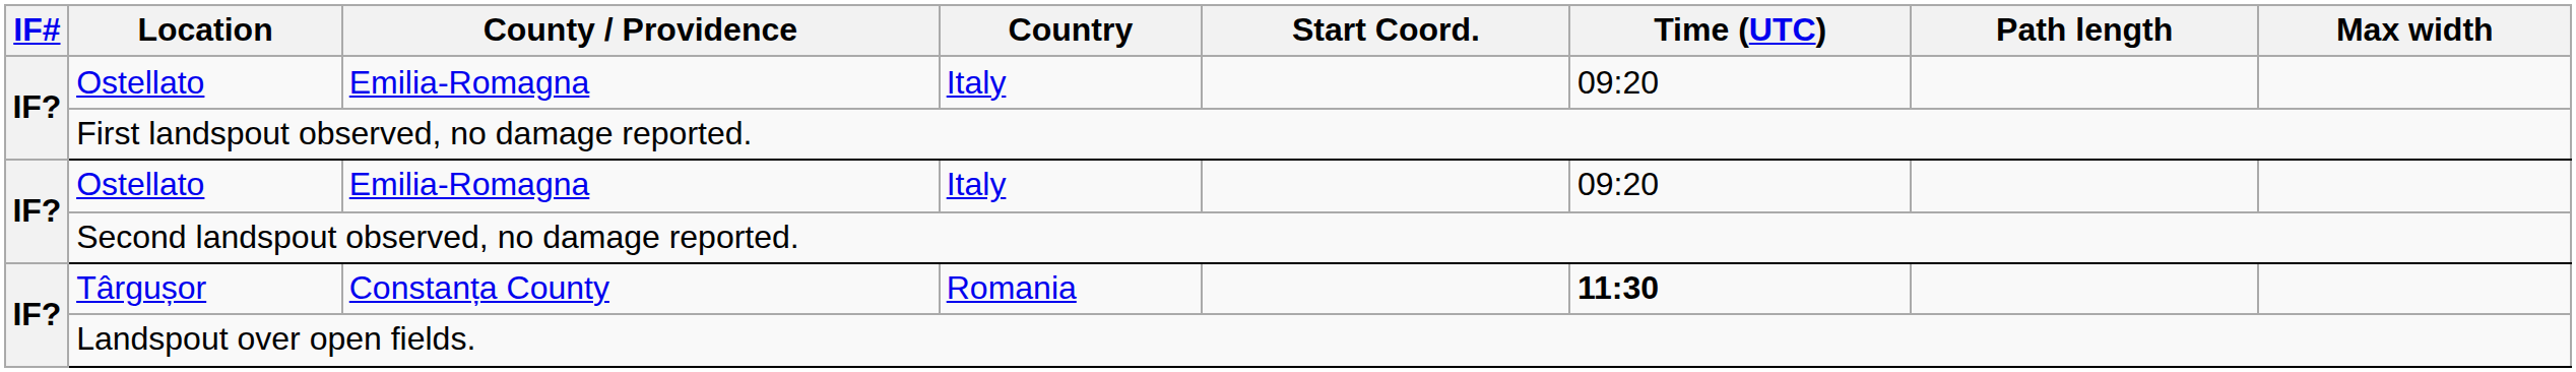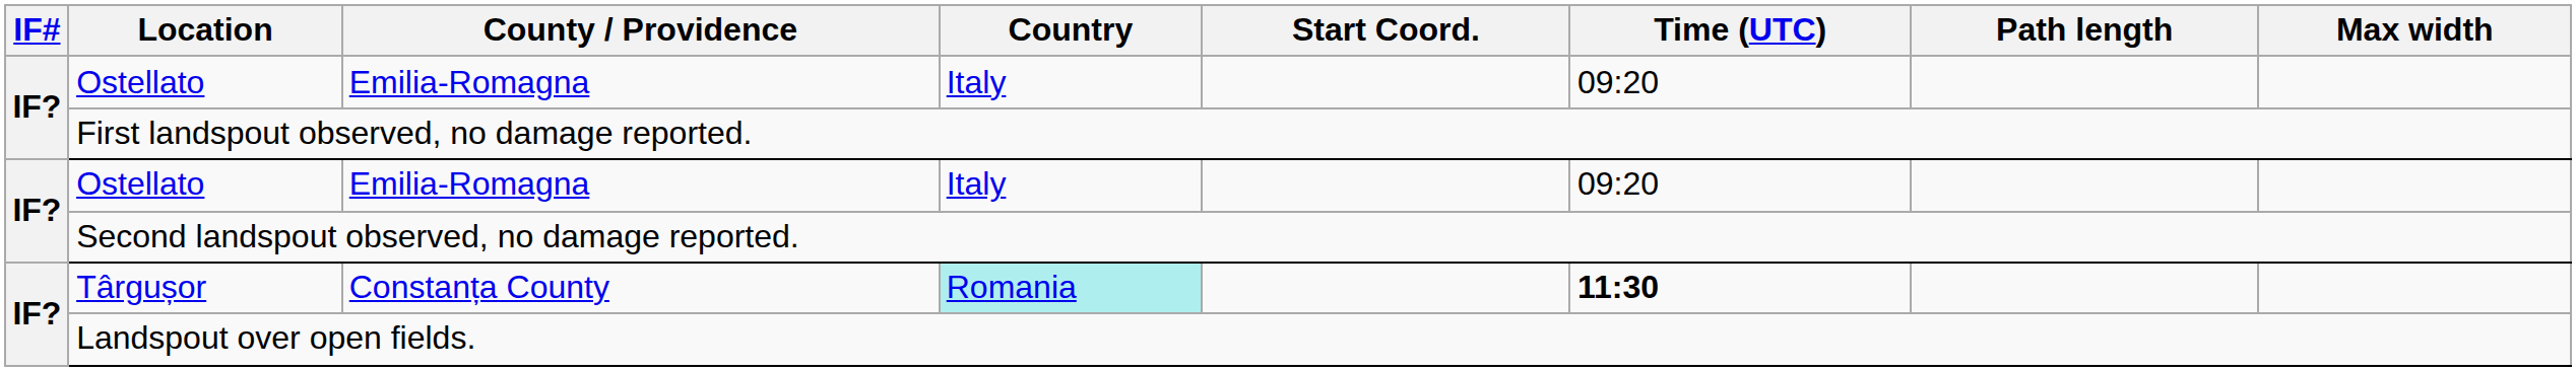 <table class="wikitable sortable" style="width:100%;">
 <tr>
 <th scope="col" width="2%" align="center"><a href='#'>IF#</a></th>
 <th scope="col" align="center" class="unsortable">Location</th>
 <th scope="col" align="center" class="unsortable">County / Providence</th>
 <th scope="col" align="center">Country</th>
 <th scope="col" align="center">Start Coord.</th>
 <th scope="col" align="center">Time (<a href='#'>UTC</a>)</th>
 <th scope="col" align="center">Path length</th>
 <th scope="col" align="center">Max width</th>
 </tr>
 <tr>
 <th scope="row" rowspan="2" style="background-color:#">IF?</th>
 <td><a href='#'>Ostellato</a></td>
 <td><a href='#'>Emilia-Romagna</a></td>
 <td><a href='#'>Italy</a></td>
 <td></td>
 <td>09:20</td>
 <td></td>
 <td></td>
 </tr>
 <tr class="expand-child">
 <td colspan="8" style=" border-bottom: 1px solid black;">First landspout observed, no damage reported.</td>
 </tr>
 <tr>
 <th scope="row" rowspan="2" style="background-color:#">IF?</th>
 <td><a href='#'>Ostellato</a></td>
 <td><a href='#'>Emilia-Romagna</a></td>
 <td><a href='#'>Italy</a></td>
 <td></td>
 <td>09:20</td>
 <td></td>
 <td></td>
 </tr>
 <tr class="expand-child">
 <td colspan="8" style=" border-bottom: 1px solid black;">Second landspout observed, no damage reported.</td>
 </tr>
 <tr>
 <th scope="row" rowspan="2" style="background-color:#">IF?</th>
 <td><a href='#'>Târgușor</a></td>
 <td><a href='#'>Constanța County</a></td>
-<td><a href='#'>Romania</a></td>
+<td style="background: paleturquoise;"><a href='#'>Romania</a></td>
 <td></td>
 <td><strong>11:30</strong></td>
 <td></td>
 <td></td>
 </tr>
 <tr class="expand-child">
 <td colspan="8" style=" border-bottom: 1px solid black;">Landspout over open fields.</td>
 </tr>
 </table>
